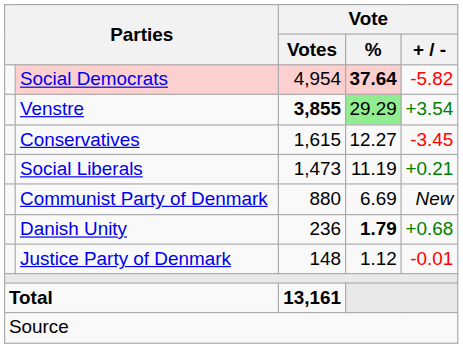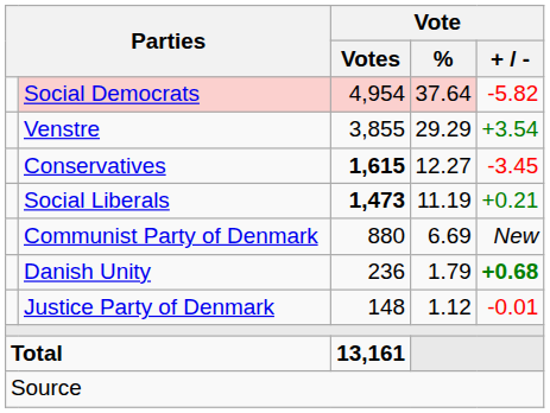 <table class="wikitable" style="text-align:right;">
 <tr>
 <th style="text-align:centre;" rowspan="2" colspan="2" width="225">Parties</th>
 <th colspan="3">Vote</th>
 </tr>
 <tr>
 <th width="15">Votes</th>
 <th width="15">%</th>
 <th width="15">+ / -</th>
 </tr>
 <tr>
 <td width="2" style="color:inherit;background:"></td>
 <td bgcolor=#fbd0ce  align="left"><a href='#'>Social Democrats</a></td>
 <td bgcolor=#fbd0ce>4,954</td>
-<td bgcolor=#fbd0ce><strong>37.64</strong></td>
+<td bgcolor=#fbd0ce>37.64</td>
 <td style=color:red;>-5.82</td>
 </tr>
 <tr>
 <td width="2" style="color:inherit;background:"></td>
 <td align="left"><a href='#'>Venstre</a></td>
-<td><strong>3,855</strong></td>
-<td style="background: lightgreen;">29.29</td>
+<td>3,855</td>
+<td>29.29</td>
 <td style=color:green;>+3.54</td>
 </tr>
 <tr>
 <td width="2" style="color:inherit;background:"></td>
 <td align="left"><a href='#'>Conservatives</a></td>
-<td>1,615</td>
+<td><strong>1,615</strong></td>
 <td>12.27</td>
 <td style=color:red;>-3.45</td>
 </tr>
 <tr>
 <td width="2" style="color:inherit;background:"></td>
 <td align="left"><a href='#'>Social Liberals</a></td>
-<td>1,473</td>
+<td><strong>1,473</strong></td>
 <td>11.19</td>
 <td style=color:green;>+0.21</td>
 </tr>
 <tr>
 <td width="2" style="color:inherit;background:"></td>
 <td align="left"><a href='#'>Communist Party of Denmark</a></td>
 <td>880</td>
 <td>6.69</td>
 <td><em>New</em></td>
 </tr>
 <tr>
 <td width="2" style="color:inherit;background:"></td>
 <td align="left"><a href='#'>Danish Unity</a></td>
 <td>236</td>
-<td><strong>1.79</strong></td>
-<td style=color:green;>+0.68</td>
+<td>1.79</td>
+<td style=color:green;><strong>+0.68</strong></td>
 </tr>
 <tr>
 <td width="2" style="color:inherit;background:"></td>
 <td align="left"><a href='#'>Justice Party of Denmark</a></td>
 <td>148</td>
 <td>1.12</td>
 <td style=color:red;>-0.01</td>
 </tr>
 <tr>
 <td colspan="7" bgcolor="#E9E9E9"></td>
 </tr>
 <tr>
 <td align="left" colspan="2"><strong>Total</strong></td>
 <td><strong>13,161</strong></td>
 <td bgcolor="#E9E9E9" colspan="2"></td>
 </tr>
 <tr>
 <td align="left" colspan="6">Source</td>
 </tr>
 </table>
